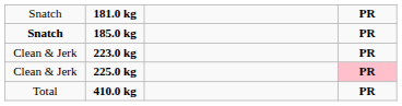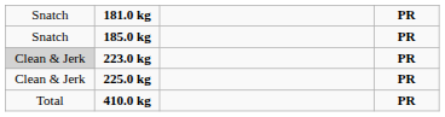 <table class = "wikitable" style="text-align:center;">
 <tr>
 <td width=100>Snatch</td>
 <td width=70><strong>181.0 kg</strong></td>
 <td width=250 align=left></td>
 <td width=70><strong>PR</strong></td>
 </tr>
 <tr>
-<td><strong>Snatch</strong></td>
+<td>Snatch</td>
 <td><strong>185.0 kg</strong></td>
 <td align=left></td>
 <td><strong>PR</strong></td>
 </tr>
 <tr>
-<td>Clean & Jerk</td>
+<td style="background: lightgrey;">Clean & Jerk</td>
 <td><strong>223.0 kg</strong></td>
 <td align=left></td>
 <td><strong>PR</strong></td>
 </tr>
 <tr>
 <td>Clean & Jerk</td>
 <td><strong>225.0 kg</strong></td>
 <td align=left></td>
-<td style="background: pink;"><strong>PR</strong></td>
+<td><strong>PR</strong></td>
 </tr>
 <tr>
 <td>Total</td>
 <td><strong>410.0 kg</strong></td>
 <td align=left></td>
 <td><strong>PR</strong></td>
 </tr>
 </table>
